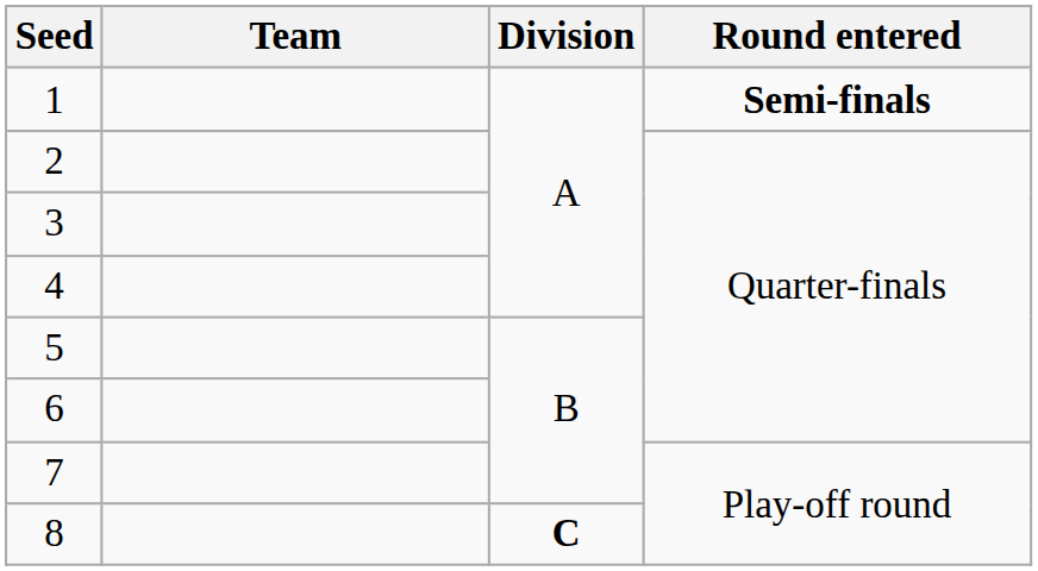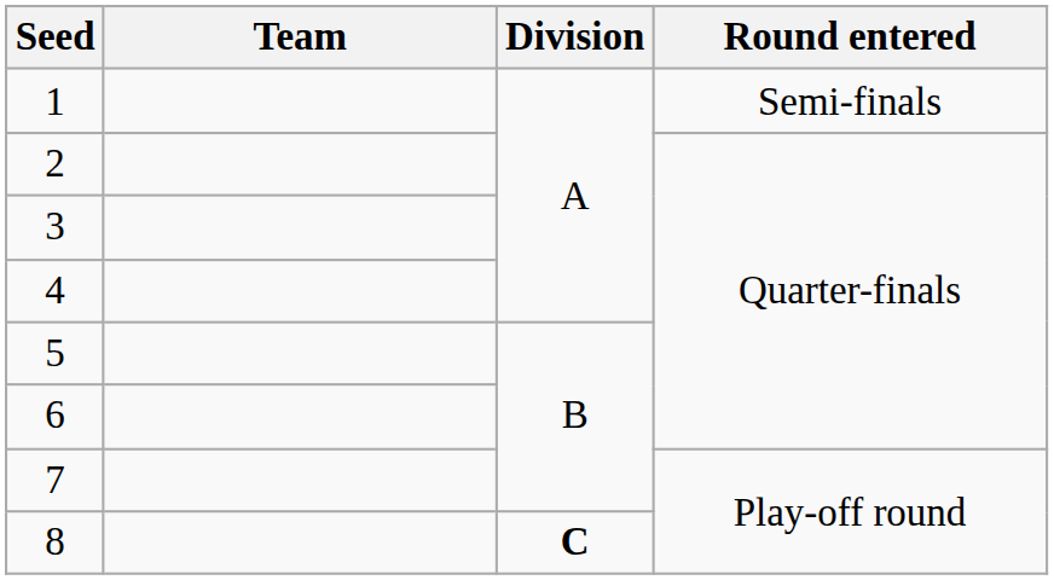 <table class="wikitable" style="text-align: center; font-size: 100%;">
 <tr>
 <th>Seed</th>
 <th width=150>Team</th>
 <th>Division</th>
 <th width=150>Round entered</th>
 </tr>
 <tr>
 <td>1</td>
 <td align=left></td>
 <td rowspan=4>A</td>
-<td><strong>Semi-finals</strong></td>
+<td>Semi-finals</td>
 </tr>
 <tr>
 <td>2</td>
 <td align=left></td>
 <td rowspan=5>Quarter-finals</td>
 </tr>
 <tr>
 <td>3</td>
 <td align=left></td>
 </tr>
 <tr>
 <td>4</td>
 <td align=left></td>
 </tr>
 <tr>
 <td>5</td>
 <td align=left></td>
 <td rowspan=3>B</td>
 </tr>
 <tr>
 <td>6</td>
 <td align=left></td>
 </tr>
 <tr>
 <td>7</td>
 <td align=left></td>
 <td rowspan=2>Play-off round</td>
 </tr>
 <tr>
 <td>8</td>
 <td align=left></td>
 <td><strong>C</strong></td>
 </tr>
 </table>
